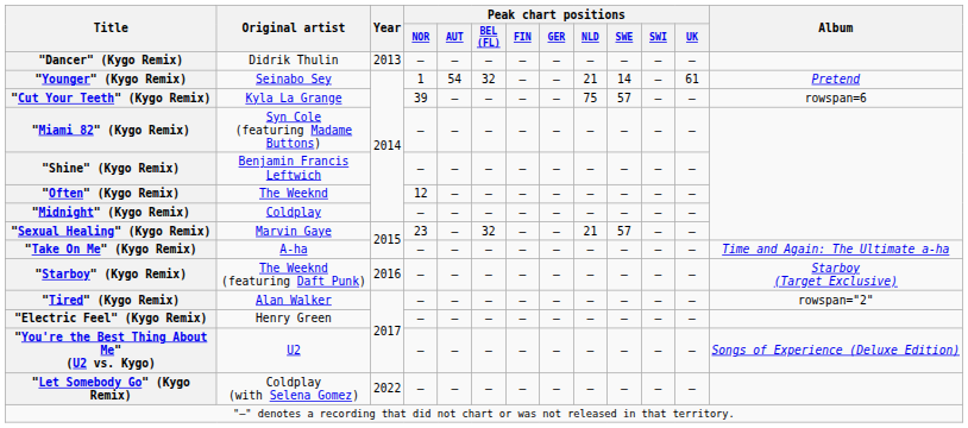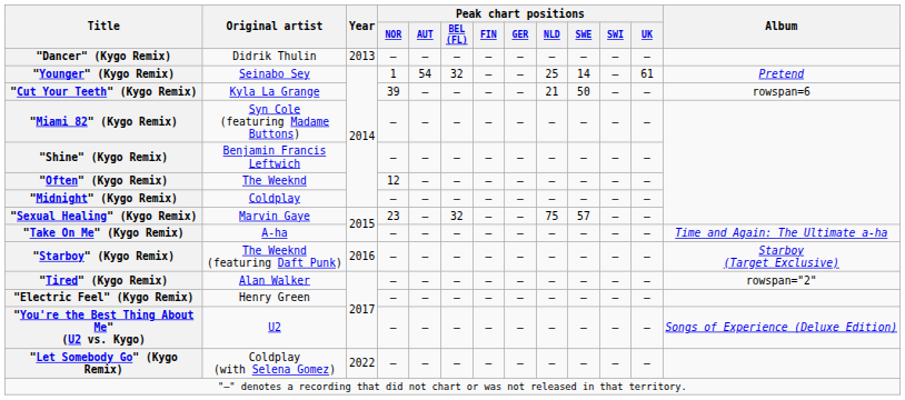 <table class="wikitable plainrowheaders" style="text-align:center;">
 <tr>
 <th scope="col" rowspan="2" style="width:18em;">Title</th>
 <th scope="col" rowspan="2" style="width:13em;">Original artist</th>
 <th scope="col" rowspan="2" style="width:1em;">Year</th>
 <th scope="col" colspan="9">Peak chart positions</th>
 <th scope="col" rowspan="2">Album</th>
 </tr>
 <tr>
 <th scope="col" style="width:3em;font-size:85%;"><a href='#'>NOR</a><br></th>
 <th scope="col" style="width:3em;font-size:85%;"><a href='#'>AUT</a><br></th>
 <th scope="col" style="width:3em;font-size:85%;"><a href='#'>BEL<br>(FL)</a><br></th>
 <th scope="col" style="width:3em;font-size:85%;"><a href='#'>FIN</a><br></th>
 <th scope="col" style="width:3em;font-size:85%;"><a href='#'>GER</a><br></th>
 <th scope="col" style="width:3em;font-size:85%;"><a href='#'>NLD</a><br></th>
 <th scope="col" style="width:3em;font-size:85%;"><a href='#'>SWE</a><br></th>
 <th scope="col" style="width:3em;font-size:85%;"><a href='#'>SWI</a><br></th>
 <th scope="col" style="width:3em;font-size:85%;"><a href='#'>UK</a><br></th>
 </tr>
 <tr>
 <th scope="row">"Dancer" <span>(Kygo Remix)</span></th>
 <td>Didrik Thulin</td>
 <td>2013</td>
 <td>—</td>
 <td>—</td>
 <td>—</td>
 <td>—</td>
 <td>—</td>
 <td>—</td>
 <td>—</td>
 <td>—</td>
 <td>—</td>
 <td></td>
 </tr>
 <tr>
 <th scope="row">"<a href='#'>Younger</a>" <span>(Kygo Remix)</span></th>
 <td><a href='#'>Seinabo Sey</a></td>
 <td rowspan="6">2014</td>
 <td>1</td>
 <td>54</td>
 <td>32</td>
 <td>—</td>
 <td>—</td>
-<td>21</td>
+<td>25</td>
 <td>14</td>
 <td>—</td>
 <td>61</td>
 <td><em><a href='#'>Pretend</a></em></td>
 </tr>
 <tr>
 <th scope="row">"<a href='#'>Cut Your Teeth</a>" <span>(Kygo Remix)</span></th>
 <td><a href='#'>Kyla La Grange</a></td>
 <td>39</td>
 <td>—</td>
 <td>—</td>
 <td>—</td>
 <td>—</td>
-<td>75</td>
-<td>57</td>
+<td>21</td>
+<td>50</td>
 <td>—</td>
 <td>—</td>
 <td>rowspan=6 </td>
 </tr>
 <tr>
 <th scope="row">"<a href='#'>Miami 82</a>" <span>(Kygo Remix)</span></th>
 <td><a href='#'>Syn Cole</a><br><span>(featuring <a href='#'>Madame Buttons</a>)</span></td>
 <td>—</td>
 <td>—</td>
 <td>—</td>
 <td>—</td>
 <td>—</td>
 <td>—</td>
 <td>—</td>
 <td>—</td>
 <td>—</td>
 </tr>
 <tr>
 <th scope="row">"Shine" <span>(Kygo Remix)</span></th>
 <td><a href='#'>Benjamin Francis Leftwich</a></td>
 <td>—</td>
 <td>—</td>
 <td>—</td>
 <td>—</td>
 <td>—</td>
 <td>—</td>
 <td>—</td>
 <td>—</td>
 <td>—</td>
 </tr>
 <tr>
 <th scope="row">"<a href='#'>Often</a>" <span>(Kygo Remix)</span></th>
 <td><a href='#'>The Weeknd</a></td>
 <td>12</td>
 <td>—</td>
 <td>—</td>
 <td>—</td>
 <td>—</td>
 <td>—</td>
 <td>—</td>
 <td>—</td>
 <td>—</td>
 </tr>
 <tr>
 <th scope="row">"<a href='#'>Midnight</a>" <span>(Kygo Remix)</span></th>
 <td><a href='#'>Coldplay</a></td>
 <td>—</td>
 <td>—</td>
 <td>—</td>
 <td>—</td>
 <td>—</td>
 <td>—</td>
 <td>—</td>
 <td>—</td>
 <td>—</td>
 </tr>
 <tr>
 <th scope="row">"<a href='#'>Sexual Healing</a>" <span>(Kygo Remix)</span></th>
 <td><a href='#'>Marvin Gaye</a></td>
 <td rowspan=2>2015</td>
 <td>23</td>
 <td>—</td>
 <td>32</td>
 <td>—</td>
 <td>—</td>
-<td>21</td>
+<td>75</td>
 <td>57</td>
 <td>—</td>
 <td>—</td>
 </tr>
 <tr>
 <th scope="row">"<a href='#'>Take On Me</a>" <span>(Kygo Remix)</span></th>
 <td><a href='#'>A-ha</a></td>
 <td>—</td>
 <td>—</td>
 <td>—</td>
 <td>—</td>
 <td>—</td>
 <td>—</td>
 <td>—</td>
 <td>—</td>
 <td>—</td>
 <td><em><a href='#'>Time and Again: The Ultimate a-ha</a></em></td>
 </tr>
 <tr>
 <th scope="row">"<a href='#'>Starboy</a>" <span>(Kygo Remix)</span></th>
 <td><a href='#'>The Weeknd</a><br><span>(featuring <a href='#'>Daft Punk</a>)</span></td>
 <td>2016</td>
 <td>—</td>
 <td>—</td>
 <td>—</td>
 <td>—</td>
 <td>—</td>
 <td>—</td>
 <td>—</td>
 <td>—</td>
 <td>—</td>
 <td><em><a href='#'>Starboy<br>(Target Exclusive)</a></em></td>
 </tr>
 <tr>
 <th scope="row">"<a href='#'>Tired</a>" <span>(Kygo Remix)</span></th>
 <td><a href='#'>Alan Walker</a></td>
 <td rowspan="3">2017</td>
 <td>—</td>
 <td>—</td>
 <td>—</td>
 <td>—</td>
 <td>—</td>
 <td>—</td>
 <td>—</td>
 <td>—</td>
 <td>—</td>
 <td>rowspan="2" </td>
 </tr>
 <tr>
 <th scope="row">"Electric Feel" <span>(Kygo Remix)</span></th>
 <td>Henry Green</td>
 <td>—</td>
 <td>—</td>
 <td>—</td>
 <td>—</td>
 <td>—</td>
 <td>—</td>
 <td>—</td>
 <td>—</td>
 <td>—</td>
 </tr>
 <tr>
 <th scope="row">"<a href='#'>You're the Best Thing About Me</a>"<br><span>(<a href='#'>U2</a> vs. Kygo)</span></th>
 <td><a href='#'>U2</a></td>
 <td>—</td>
 <td>—</td>
 <td>—</td>
 <td>—</td>
 <td>—</td>
 <td>—</td>
 <td>—</td>
 <td>—</td>
 <td>—</td>
 <td><em><a href='#'>Songs of Experience (Deluxe Edition)</a></em></td>
 </tr>
 <tr>
 <th scope="row">"<a href='#'>Let Somebody Go</a>" <span>(Kygo Remix)</span></th>
 <td>Coldplay <br><span>(with <a href='#'>Selena Gomez</a>)</span></td>
 <td>2022</td>
 <td>—</td>
 <td>—</td>
 <td>—</td>
 <td>—</td>
 <td>—</td>
 <td>—</td>
 <td>—</td>
 <td>—</td>
 <td>—</td>
 <td></td>
 </tr>
 <tr>
 <td colspan="14" style="font-size:90%">"—" denotes a recording that did not chart or was not released in that territory.</td>
 </tr>
 </table>
